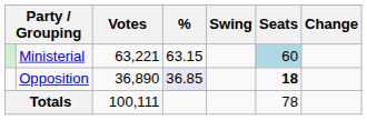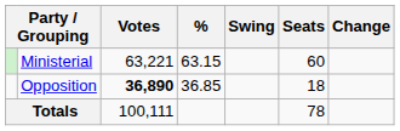 <table class="wikitable" style="text-align:right; margin-bottom:0">
 <tr>
 <th style="width:10px;" colspan=3>Party / Grouping</th>
 <th style="width:70px;">Votes</th>
 <th style="width:40px;">%</th>
 <th style="width:40px;">Swing</th>
 <th style="width:40px;">Seats</th>
 <th style="width:40px;">Change</th>
 </tr>
 <tr>
 <td style="text-align:left;background:#CEF2CE"> </td>
 <td style="text-align:left;" colspan="2"><a href='#'>Ministerial</a></td>
 <td style="width:70px;">63,221</td>
 <td style="width:40px;">63.15</td>
 <td style="width:45px;"></td>
-<td style="background: lightblue; width:40px;">60</td>
+<td style="width:40px;">60</td>
 <td style="width:55px;"></td>
 </tr>
 <tr>
 <td> </td>
 <td style="text-align:left;" colspan="2"><a href='#'>Opposition</a></td>
-<td style="width:70px;">36,890</td>
-<td style="background: lavender; width:40px;">36.85</td>
+<td style="width:70px;"><strong>36,890</strong></td>
+<td style="width:40px;">36.85</td>
 <td style="width:45px;"></td>
-<td style="width:40px;"><strong>18</strong></td>
+<td style="width:40px;">18</td>
 <td style="width:55px;"></td>
 </tr>
 <tr>
 <th colspan="3"> Totals</th>
 <td>100,111</td>
 <td></td>
 <td></td>
 <td>78</td>
 <td></td>
 </tr>
 </table>
